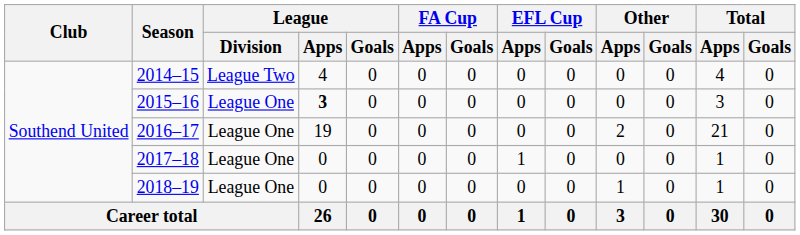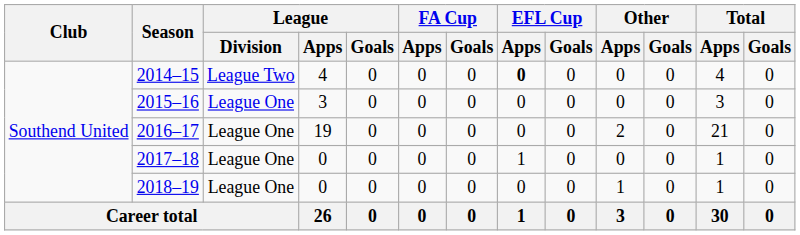 <table class=wikitable style=text-align:center>
 <tr>
 <th rowspan=2>Club</th>
 <th rowspan=2>Season</th>
 <th colspan=3>League</th>
 <th colspan=2><a href='#'>FA Cup</a></th>
 <th colspan=2><a href='#'>EFL Cup</a></th>
 <th colspan=2>Other</th>
 <th colspan=2>Total</th>
 </tr>
 <tr>
 <th>Division</th>
 <th>Apps</th>
 <th>Goals</th>
 <th>Apps</th>
 <th>Goals</th>
 <th>Apps</th>
 <th>Goals</th>
 <th>Apps</th>
 <th>Goals</th>
 <th>Apps</th>
 <th>Goals</th>
 </tr>
 <tr>
 <td rowspan=5><a href='#'>Southend United</a></td>
 <td><a href='#'>2014–15</a></td>
 <td><a href='#'>League Two</a></td>
 <td>4</td>
 <td>0</td>
 <td>0</td>
 <td>0</td>
-<td>0</td>
+<td><strong>0</strong></td>
 <td>0</td>
 <td>0</td>
 <td>0</td>
 <td>4</td>
 <td>0</td>
 </tr>
 <tr>
 <td><a href='#'>2015–16</a></td>
 <td><a href='#'>League One</a></td>
-<td><strong>3</strong></td>
+<td>3</td>
 <td>0</td>
 <td>0</td>
 <td>0</td>
 <td>0</td>
 <td>0</td>
 <td>0</td>
 <td>0</td>
 <td>3</td>
 <td>0</td>
 </tr>
 <tr>
 <td><a href='#'>2016–17</a></td>
 <td>League One</td>
 <td>19</td>
 <td>0</td>
 <td>0</td>
 <td>0</td>
 <td>0</td>
 <td>0</td>
 <td>2</td>
 <td>0</td>
 <td>21</td>
 <td>0</td>
 </tr>
 <tr>
 <td><a href='#'>2017–18</a></td>
 <td>League One</td>
 <td>0</td>
 <td>0</td>
 <td>0</td>
 <td>0</td>
 <td>1</td>
 <td>0</td>
 <td>0</td>
 <td>0</td>
 <td>1</td>
 <td>0</td>
 </tr>
 <tr>
 <td><a href='#'>2018–19</a></td>
 <td>League One</td>
 <td>0</td>
 <td>0</td>
 <td>0</td>
 <td>0</td>
 <td>0</td>
 <td>0</td>
 <td>1</td>
 <td>0</td>
 <td>1</td>
 <td>0</td>
 </tr>
 <tr>
 <th colspan=3>Career total</th>
 <th>26</th>
 <th>0</th>
 <th>0</th>
 <th>0</th>
 <th>1</th>
 <th>0</th>
 <th>3</th>
 <th>0</th>
 <th>30</th>
 <th>0</th>
 </tr>
 </table>
